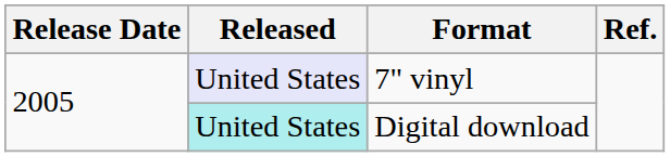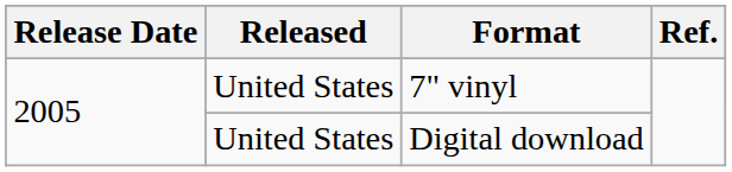 <table class="wikitable">
 <tr>
 <th>Release Date</th>
 <th>Released</th>
 <th>Format</th>
 <th>Ref.</th>
 </tr>
 <tr>
 <td rowspan="2">2005</td>
-<td style="background: lavender;">United States</td>
+<td>United States</td>
 <td>7" vinyl</td>
 <td rowspan="2"></td>
 </tr>
 <tr>
-<td style="background: paleturquoise;">United States</td>
+<td>United States</td>
 <td>Digital download</td>
 </tr>
 </table>
